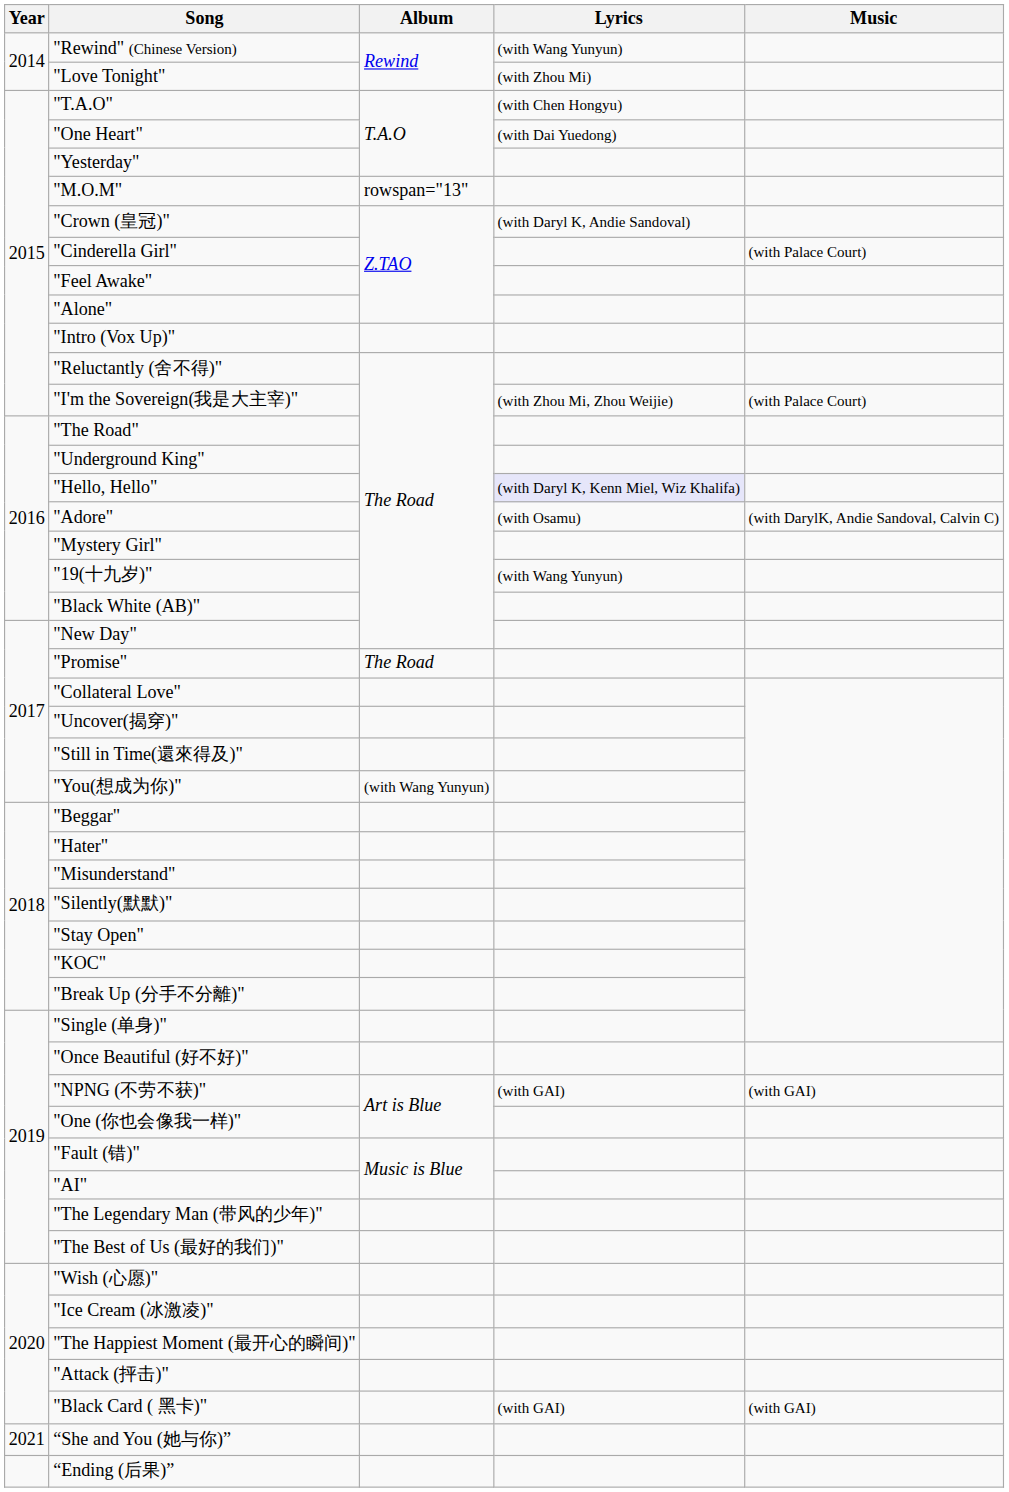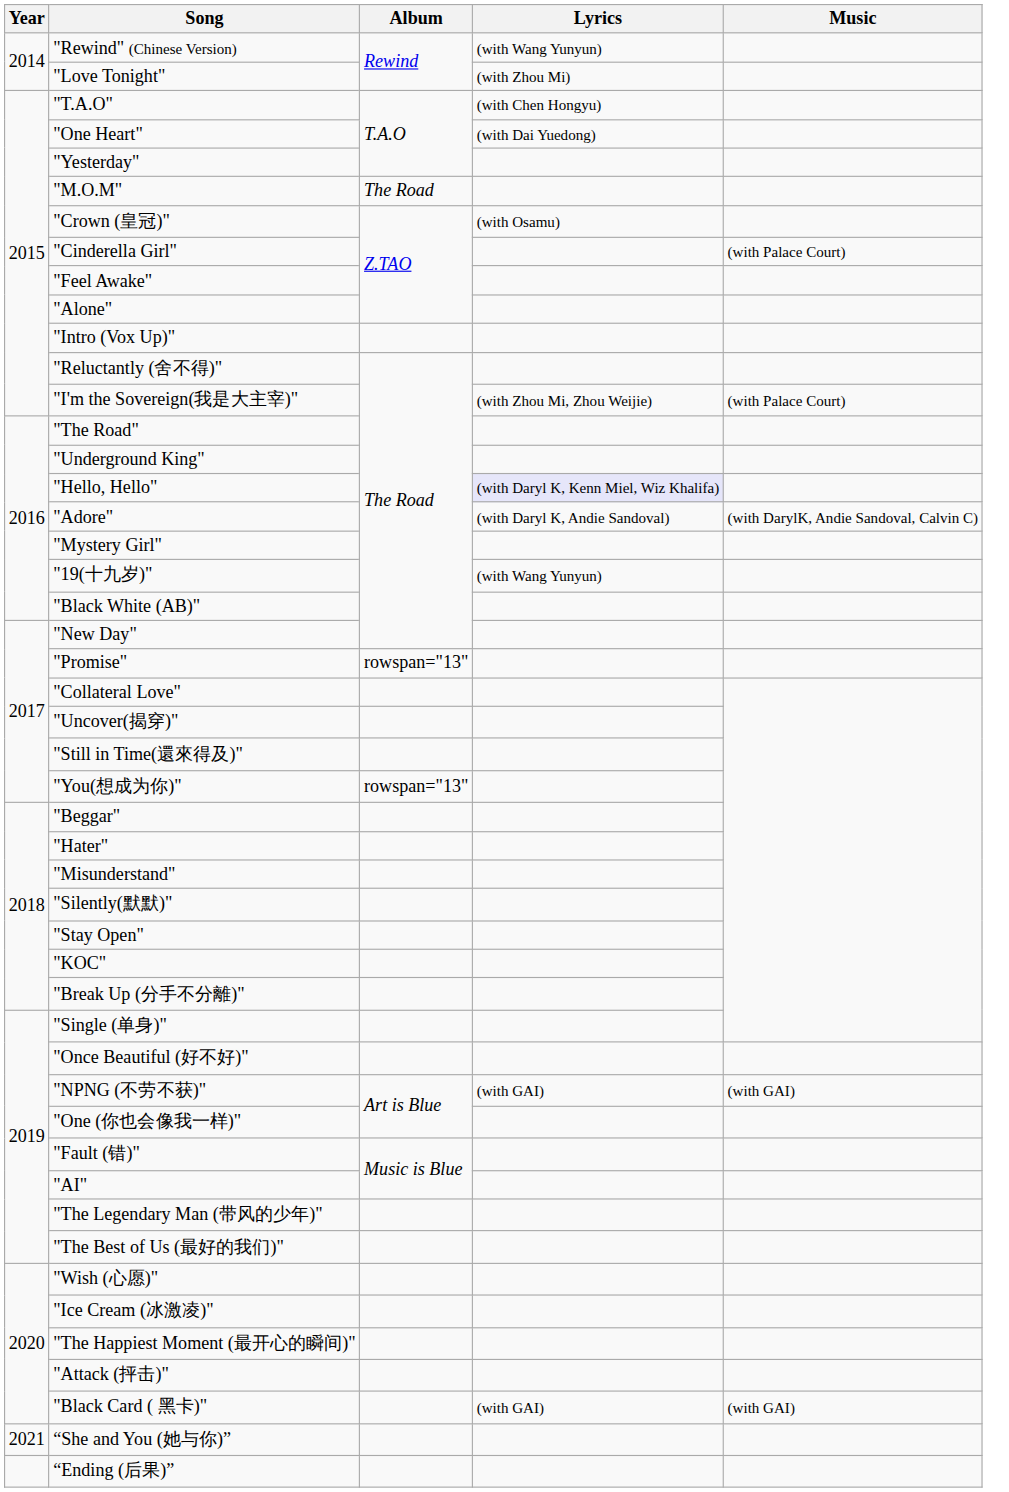 <table class="wikitable">
 <tr>
 <th>Year</th>
 <th>Song</th>
 <th>Album</th>
 <th>Lyrics</th>
 <th>Music</th>
 </tr>
 <tr>
 <td rowspan="2">2014</td>
 <td>"Rewind" <small>(Chinese Version)</small></td>
 <td rowspan="2"><em><a href='#'>Rewind</a></em></td>
 <td> <small>(with Wang Yunyun)</small></td>
 <td></td>
 </tr>
 <tr>
 <td>"Love Tonight"</td>
 <td> <small>(with Zhou Mi)</small></td>
 <td></td>
 </tr>
 <tr>
 <td rowspan="11">2015</td>
 <td>"T.A.O"</td>
 <td rowspan="3"><em>T.A.O</em></td>
 <td> <small>(with Chen Hongyu)</small></td>
 <td></td>
 </tr>
 <tr>
 <td>"One Heart"</td>
 <td> <small>(with Dai Yuedong)</small></td>
 <td></td>
 </tr>
 <tr>
 <td>"Yesterday"</td>
 <td></td>
 <td></td>
 </tr>
 <tr>
 <td>"M.O.M"</td>
-<td>rowspan="13" </td>
+<td><em>The Road</em></td>
 <td></td>
 <td></td>
 </tr>
 <tr>
 <td>"Crown (皇冠)"</td>
 <td rowspan="4"><em><a href='#'>Z.TAO</a></em></td>
-<td> <small>(with Daryl K, Andie Sandoval)</small></td>
+<td> <small>(with Osamu)</small></td>
 <td></td>
 </tr>
 <tr>
 <td>"Cinderella Girl"</td>
 <td></td>
 <td> <small>(with Palace Court)</small></td>
 </tr>
 <tr>
 <td>"Feel Awake"</td>
 <td></td>
 <td></td>
 </tr>
 <tr>
 <td>"Alone"</td>
 <td></td>
 <td></td>
 </tr>
 <tr>
 <td>"Intro (Vox Up)"</td>
 <td></td>
 <td></td>
 <td></td>
 </tr>
 <tr>
 <td>"Reluctantly (舍不得)"</td>
 <td rowspan="10"><em>The Road</em></td>
 <td></td>
 <td></td>
 </tr>
 <tr>
 <td>"I'm the Sovereign(我是大主宰)"</td>
 <td> <small>(with Zhou Mi, Zhou Weijie)</small></td>
 <td> <small>(with Palace Court)</small></td>
 </tr>
 <tr>
 <td rowspan="7">2016</td>
 <td>"The Road"</td>
 <td></td>
 <td></td>
 </tr>
 <tr>
 <td>"Underground King"</td>
 <td></td>
 <td></td>
 </tr>
 <tr>
 <td>"Hello, Hello"</td>
 <td style="background: lavender;"> <small>(with Daryl K, Kenn Miel, Wiz Khalifa)</small></td>
 <td></td>
 </tr>
 <tr>
 <td>"Adore"</td>
-<td> <small>(with Osamu)</small></td>
+<td> <small>(with Daryl K, Andie Sandoval)</small></td>
 <td> <small>(with DarylK, Andie Sandoval, Calvin C)</small></td>
 </tr>
 <tr>
 <td>"Mystery Girl"</td>
 <td></td>
 <td></td>
 </tr>
 <tr>
 <td>"19(十九岁)"</td>
 <td> <small>(with Wang Yunyun)</small></td>
 <td></td>
 </tr>
 <tr>
 <td>"Black White (AB)"</td>
 <td></td>
 <td></td>
 </tr>
 <tr>
 <td rowspan="6">2017</td>
 <td>"New Day"</td>
 <td></td>
 <td></td>
 </tr>
 <tr>
 <td>"Promise"</td>
-<td><em>The Road</em></td>
+<td>rowspan="13" </td>
 <td></td>
 <td></td>
 </tr>
 <tr>
 <td>"Collateral Love"</td>
 <td></td>
 <td></td>
 </tr>
 <tr>
 <td>"Uncover(揭穿)"</td>
 <td></td>
 <td></td>
 </tr>
 <tr>
 <td>"Still in Time(還來得及)"</td>
 <td></td>
 <td></td>
 </tr>
 <tr>
 <td>"You(想成为你)"</td>
-<td> <small>(with Wang Yunyun)</small></td>
+<td>rowspan="13" </td>
 <td></td>
 </tr>
 <tr>
 <td rowspan="7">2018</td>
 <td>"Beggar"</td>
 <td></td>
 <td></td>
 </tr>
 <tr>
 <td>"Hater"</td>
 <td></td>
 <td></td>
 </tr>
 <tr>
 <td>"Misunderstand"</td>
 <td></td>
 <td></td>
 </tr>
 <tr>
 <td>"Silently(默默)"</td>
 <td></td>
 <td></td>
 </tr>
 <tr>
 <td>"Stay Open"</td>
 <td></td>
 <td></td>
 </tr>
 <tr>
 <td>"KOC"</td>
 <td></td>
 <td></td>
 </tr>
 <tr>
 <td>"Break Up (分手不分離)"</td>
 <td></td>
 <td></td>
 </tr>
 <tr>
 <td rowspan="8">2019</td>
 <td>"Single (单身)"</td>
 <td></td>
 <td></td>
 </tr>
 <tr>
 <td>"Once Beautiful (好不好)"</td>
 <td></td>
 <td></td>
 <td></td>
 </tr>
 <tr>
 <td>"NPNG (不劳不获)"</td>
 <td rowspan="2"><em>Art is Blue</em></td>
 <td> <small>(with GAI)</small></td>
 <td> <small>(with GAI)</small></td>
 </tr>
 <tr>
 <td>"One (你也会像我一样)"</td>
 <td></td>
 <td></td>
 </tr>
 <tr>
 <td>"Fault (错)"</td>
 <td rowspan="2"><em>Music is Blue</em></td>
 <td></td>
 <td></td>
 </tr>
 <tr>
 <td>"AI"</td>
 <td></td>
 <td></td>
 </tr>
 <tr>
 <td>"The Legendary Man (带风的少年)"</td>
 <td></td>
 <td></td>
 <td></td>
 </tr>
 <tr>
 <td>"The Best of Us (最好的我们)"</td>
 <td></td>
 <td></td>
 <td></td>
 </tr>
 <tr>
 <td rowspan="5">2020</td>
 <td>"Wish (心愿)"</td>
 <td></td>
 <td></td>
 <td></td>
 </tr>
 <tr>
 <td>"Ice Cream (冰激凌)"</td>
 <td></td>
 <td></td>
 <td></td>
 </tr>
 <tr>
 <td>"The Happiest Moment (最开心的瞬间)"</td>
 <td></td>
 <td></td>
 <td></td>
 </tr>
 <tr>
 <td>"Attack (抨击)" </td>
 <td></td>
 <td></td>
 <td></td>
 </tr>
 <tr>
 <td>"Black Card ( 黑卡)"</td>
 <td></td>
 <td> <small>(with GAI)</small></td>
 <td> <small>(with GAI)</small></td>
 </tr>
 <tr>
 <td>2021</td>
 <td>“She and You (她与你)”</td>
 <td></td>
 <td></td>
 <td></td>
 </tr>
 <tr>
 <td></td>
 <td>“Ending (后果)”</td>
 <td></td>
 <td></td>
 <td></td>
 </tr>
 </table>
